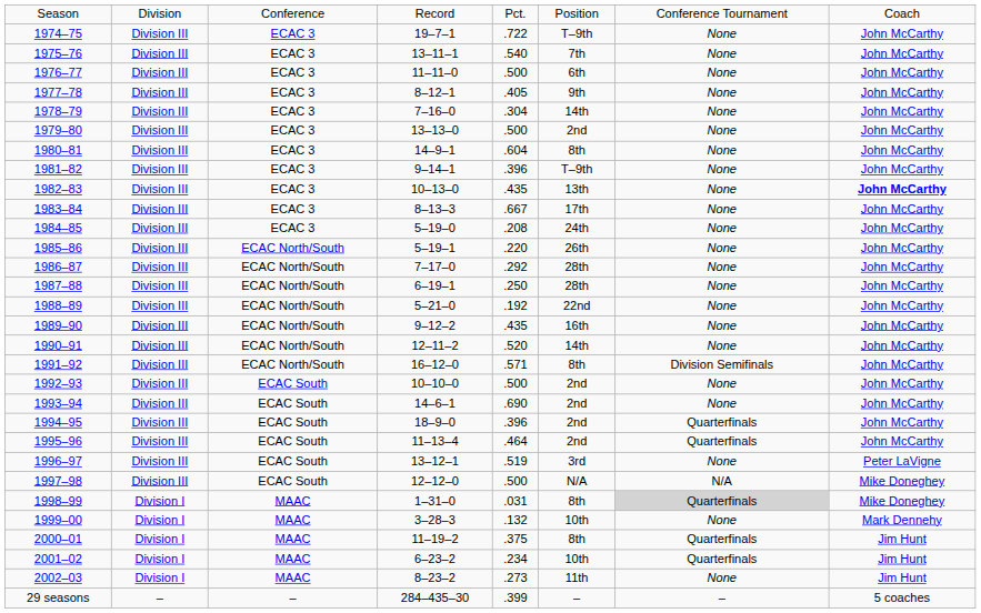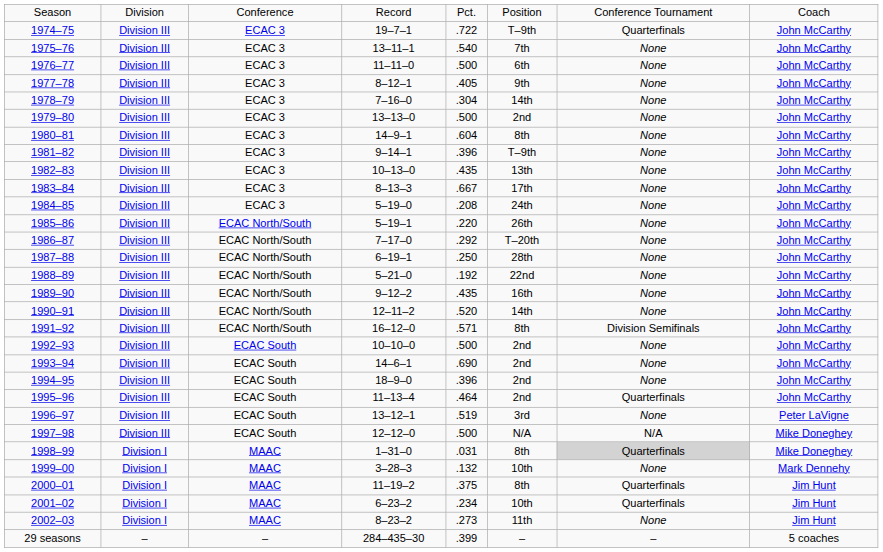 <table class="wikitable" width="80%">
 <tr align="center">
 <td>Season</td>
 <td>Division</td>
 <td>Conference</td>
 <td>Record</td>
 <td>Pct.</td>
 <td>Position</td>
 <td>Conference Tournament</td>
 <td>Coach</td>
 </tr>
 <tr align="center">
 <td><a href='#'>1974–75</a></td>
 <td><a href='#'>Division III</a></td>
 <td><a href='#'>ECAC 3</a></td>
 <td>19–7–1</td>
 <td>.722</td>
 <td>T–9th</td>
-<td><em>None</em></td>
+<td>Quarterfinals</td>
 <td><a href='#'>John McCarthy</a></td>
 </tr>
 <tr align="center">
 <td><a href='#'>1975–76</a></td>
 <td><a href='#'>Division III</a></td>
 <td>ECAC 3</td>
 <td>13–11–1</td>
 <td>.540</td>
 <td>7th</td>
 <td><em>None</em></td>
 <td><a href='#'>John McCarthy</a></td>
 </tr>
 <tr align="center">
 <td><a href='#'>1976–77</a></td>
 <td><a href='#'>Division III</a></td>
 <td>ECAC 3</td>
 <td>11–11–0</td>
 <td>.500</td>
 <td>6th</td>
 <td><em>None</em></td>
 <td><a href='#'>John McCarthy</a></td>
 </tr>
 <tr align="center">
 <td><a href='#'>1977–78</a></td>
 <td><a href='#'>Division III</a></td>
 <td>ECAC 3</td>
 <td>8–12–1</td>
 <td>.405</td>
 <td>9th</td>
 <td><em>None</em></td>
 <td><a href='#'>John McCarthy</a></td>
 </tr>
 <tr align="center">
 <td><a href='#'>1978–79</a></td>
 <td><a href='#'>Division III</a></td>
 <td>ECAC 3</td>
 <td>7–16–0</td>
 <td>.304</td>
 <td>14th</td>
 <td><em>None</em></td>
 <td><a href='#'>John McCarthy</a></td>
 </tr>
 <tr align="center">
 <td><a href='#'>1979–80</a></td>
 <td><a href='#'>Division III</a></td>
 <td>ECAC 3</td>
 <td>13–13–0</td>
 <td>.500</td>
 <td>2nd</td>
 <td><em>None</em></td>
 <td><a href='#'>John McCarthy</a></td>
 </tr>
 <tr align="center">
 <td><a href='#'>1980–81</a></td>
 <td><a href='#'>Division III</a></td>
 <td>ECAC 3</td>
 <td>14–9–1</td>
 <td>.604</td>
 <td>8th</td>
 <td><em>None</em></td>
 <td><a href='#'>John McCarthy</a></td>
 </tr>
 <tr align="center">
 <td><a href='#'>1981–82</a></td>
 <td><a href='#'>Division III</a></td>
 <td>ECAC 3</td>
 <td>9–14–1</td>
 <td>.396</td>
 <td>T–9th</td>
 <td><em>None</em></td>
 <td><a href='#'>John McCarthy</a></td>
 </tr>
 <tr align="center">
 <td><a href='#'>1982–83</a></td>
 <td><a href='#'>Division III</a></td>
 <td>ECAC 3</td>
 <td>10–13–0</td>
 <td>.435</td>
 <td>13th</td>
 <td><em>None</em></td>
-<td><strong><a href='#'>John McCarthy</a></strong></td>
+<td><a href='#'>John McCarthy</a></td>
 </tr>
 <tr align="center">
 <td><a href='#'>1983–84</a></td>
 <td><a href='#'>Division III</a></td>
 <td>ECAC 3</td>
 <td>8–13–3</td>
 <td>.667</td>
 <td>17th</td>
 <td><em>None</em></td>
 <td><a href='#'>John McCarthy</a></td>
 </tr>
 <tr align="center">
 <td><a href='#'>1984–85</a></td>
 <td><a href='#'>Division III</a></td>
 <td>ECAC 3</td>
 <td>5–19–0</td>
 <td>.208</td>
 <td>24th</td>
 <td><em>None</em></td>
 <td><a href='#'>John McCarthy</a></td>
 </tr>
 <tr align="center">
 <td><a href='#'>1985–86</a></td>
 <td><a href='#'>Division III</a></td>
 <td><a href='#'>ECAC North/South</a></td>
 <td>5–19–1</td>
 <td>.220</td>
 <td>26th</td>
 <td><em>None</em></td>
 <td><a href='#'>John McCarthy</a></td>
 </tr>
 <tr align="center">
 <td><a href='#'>1986–87</a></td>
 <td><a href='#'>Division III</a></td>
 <td>ECAC North/South</td>
 <td>7–17–0</td>
 <td>.292</td>
-<td>28th</td>
+<td>T–20th</td>
 <td><em>None</em></td>
 <td><a href='#'>John McCarthy</a></td>
 </tr>
 <tr align="center">
 <td><a href='#'>1987–88</a></td>
 <td><a href='#'>Division III</a></td>
 <td>ECAC North/South</td>
 <td>6–19–1</td>
 <td>.250</td>
 <td>28th</td>
 <td><em>None</em></td>
 <td><a href='#'>John McCarthy</a></td>
 </tr>
 <tr align="center">
 <td><a href='#'>1988–89</a></td>
 <td><a href='#'>Division III</a></td>
 <td>ECAC North/South</td>
 <td>5–21–0</td>
 <td>.192</td>
 <td>22nd</td>
 <td><em>None</em></td>
 <td><a href='#'>John McCarthy</a></td>
 </tr>
 <tr align="center">
 <td><a href='#'>1989–90</a></td>
 <td><a href='#'>Division III</a></td>
 <td>ECAC North/South</td>
 <td>9–12–2</td>
 <td>.435</td>
 <td>16th</td>
 <td><em>None</em></td>
 <td><a href='#'>John McCarthy</a></td>
 </tr>
 <tr align="center">
 <td><a href='#'>1990–91</a></td>
 <td><a href='#'>Division III</a></td>
 <td>ECAC North/South</td>
 <td>12–11–2</td>
 <td>.520</td>
 <td>14th</td>
 <td><em>None</em></td>
 <td><a href='#'>John McCarthy</a></td>
 </tr>
 <tr align="center">
 <td><a href='#'>1991–92</a></td>
 <td><a href='#'>Division III</a></td>
 <td>ECAC North/South</td>
 <td>16–12–0</td>
 <td>.571</td>
 <td>8th</td>
 <td>Division Semifinals</td>
 <td><a href='#'>John McCarthy</a></td>
 </tr>
 <tr align="center">
 <td><a href='#'>1992–93</a></td>
 <td><a href='#'>Division III</a></td>
 <td><a href='#'>ECAC South</a></td>
 <td>10–10–0</td>
 <td>.500</td>
 <td>2nd</td>
 <td><em>None</em></td>
 <td><a href='#'>John McCarthy</a></td>
 </tr>
 <tr align="center">
 <td><a href='#'>1993–94</a></td>
 <td><a href='#'>Division III</a></td>
 <td>ECAC South</td>
 <td>14–6–1</td>
 <td>.690</td>
 <td>2nd</td>
 <td><em>None</em></td>
 <td><a href='#'>John McCarthy</a></td>
 </tr>
 <tr align="center">
 <td><a href='#'>1994–95</a></td>
 <td><a href='#'>Division III</a></td>
 <td>ECAC South</td>
 <td>18–9–0</td>
 <td>.396</td>
 <td>2nd</td>
-<td>Quarterfinals</td>
+<td><em>None</em></td>
 <td><a href='#'>John McCarthy</a></td>
 </tr>
 <tr align="center">
 <td><a href='#'>1995–96</a></td>
 <td><a href='#'>Division III</a></td>
 <td>ECAC South</td>
 <td>11–13–4</td>
 <td>.464</td>
 <td>2nd</td>
 <td>Quarterfinals</td>
 <td><a href='#'>John McCarthy</a></td>
 </tr>
 <tr align="center">
 <td><a href='#'>1996–97</a></td>
 <td><a href='#'>Division III</a></td>
 <td>ECAC South</td>
 <td>13–12–1</td>
 <td>.519</td>
 <td>3rd</td>
 <td><em>None</em></td>
 <td><a href='#'>Peter LaVigne</a></td>
 </tr>
 <tr align="center">
 <td><a href='#'>1997–98</a></td>
 <td><a href='#'>Division III</a></td>
 <td>ECAC South</td>
 <td>12–12–0</td>
 <td>.500</td>
 <td>N/A</td>
 <td>N/A</td>
 <td><a href='#'>Mike Doneghey</a></td>
 </tr>
 <tr align="center">
 <td><a href='#'>1998–99</a></td>
 <td><a href='#'>Division I</a></td>
 <td><a href='#'>MAAC</a></td>
 <td>1–31–0</td>
 <td>.031</td>
 <td>8th</td>
 <td style="background: lightgrey;">Quarterfinals</td>
 <td><a href='#'>Mike Doneghey</a></td>
 </tr>
 <tr align="center">
 <td><a href='#'>1999–00</a></td>
 <td><a href='#'>Division I</a></td>
 <td><a href='#'>MAAC</a></td>
 <td>3–28–3</td>
 <td>.132</td>
 <td>10th</td>
 <td><em>None</em></td>
 <td><a href='#'>Mark Dennehy</a></td>
 </tr>
 <tr align="center">
 <td><a href='#'>2000–01</a></td>
 <td><a href='#'>Division I</a></td>
 <td><a href='#'>MAAC</a></td>
 <td>11–19–2</td>
 <td>.375</td>
 <td>8th</td>
 <td>Quarterfinals</td>
 <td><a href='#'>Jim Hunt</a></td>
 </tr>
 <tr align="center">
 <td><a href='#'>2001–02</a></td>
 <td><a href='#'>Division I</a></td>
 <td><a href='#'>MAAC</a></td>
 <td>6–23–2</td>
 <td>.234</td>
 <td>10th</td>
 <td>Quarterfinals</td>
 <td><a href='#'>Jim Hunt</a></td>
 </tr>
 <tr align="center">
 <td><a href='#'>2002–03</a></td>
 <td><a href='#'>Division I</a></td>
 <td><a href='#'>MAAC</a></td>
 <td>8–23–2</td>
 <td>.273</td>
 <td>11th</td>
 <td><em>None</em></td>
 <td><a href='#'>Jim Hunt</a></td>
 </tr>
 <tr align="center">
 <td>29 seasons</td>
 <td>–</td>
 <td>–</td>
 <td>284–435–30</td>
 <td>.399</td>
 <td>–</td>
 <td>–</td>
 <td>5 coaches</td>
 </tr>
 </table>
